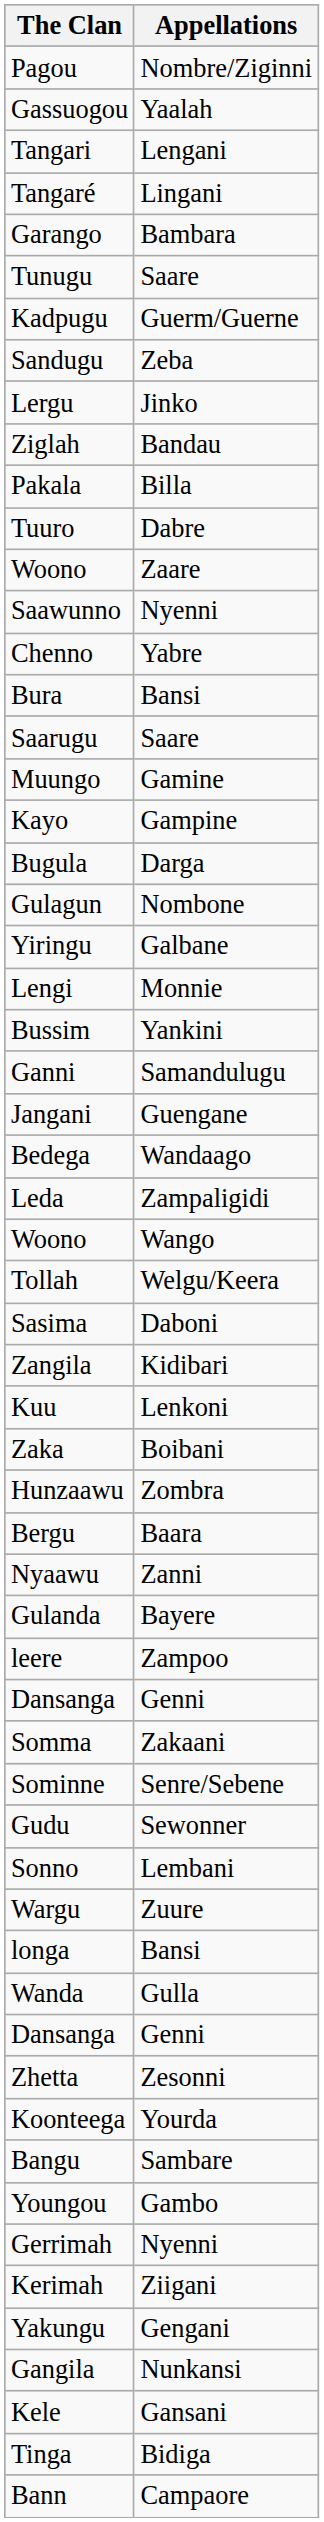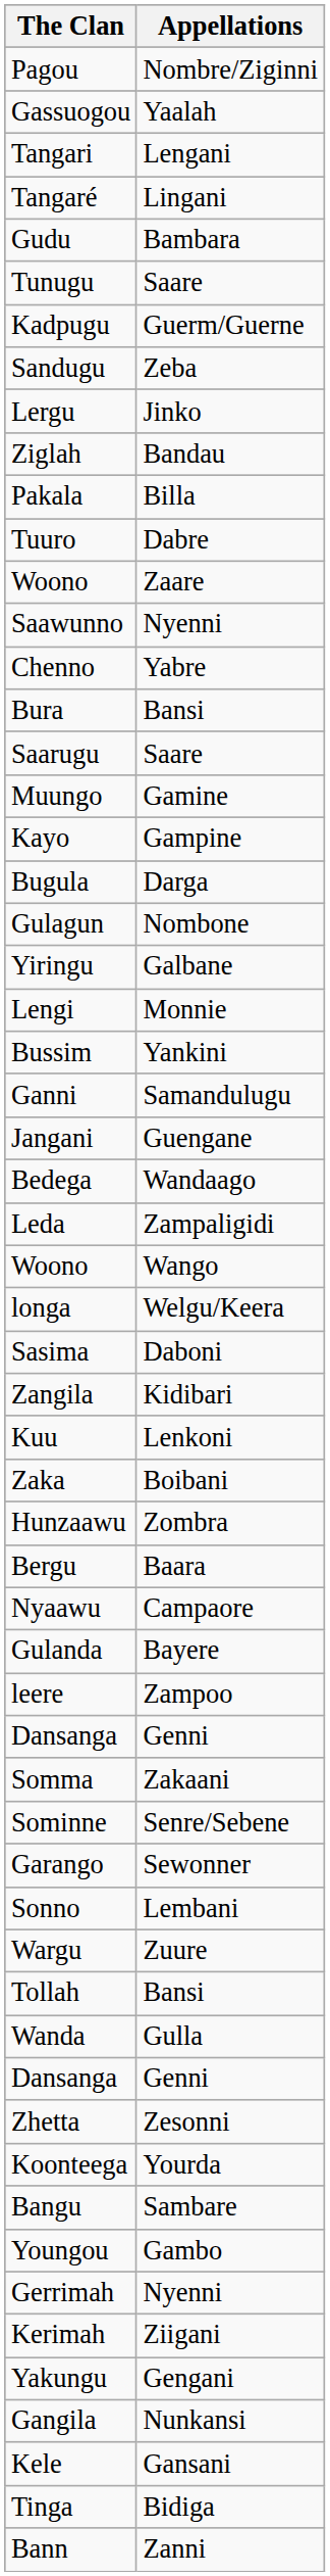 <table class="wikitable">
 <tr>
 <th>The Clan</th>
 <th>Appellations</th>
 </tr>
 <tr>
 <td>Pagou</td>
 <td>Nombre/Ziginni</td>
 </tr>
 <tr>
 <td>Gassuogou</td>
 <td>Yaalah</td>
 </tr>
 <tr>
 <td>Tangari</td>
 <td>Lengani</td>
 </tr>
 <tr>
 <td>Tangaré</td>
 <td>Lingani</td>
 </tr>
 <tr>
-<td>Garango</td>
+<td>Gudu</td>
 <td>Bambara</td>
 </tr>
 <tr>
 <td>Tunugu</td>
 <td>Saare</td>
 </tr>
 <tr>
 <td>Kadpugu</td>
 <td>Guerm/Guerne</td>
 </tr>
 <tr>
 <td>Sandugu</td>
 <td>Zeba</td>
 </tr>
 <tr>
 <td>Lergu</td>
 <td>Jinko</td>
 </tr>
 <tr>
 <td>Ziglah</td>
 <td>Bandau</td>
 </tr>
 <tr>
 <td>Pakala</td>
 <td>Billa</td>
 </tr>
 <tr>
 <td>Tuuro</td>
 <td>Dabre</td>
 </tr>
 <tr>
 <td>Woono</td>
 <td>Zaare</td>
 </tr>
 <tr>
 <td>Saawunno</td>
 <td>Nyenni</td>
 </tr>
 <tr>
 <td>Chenno</td>
 <td>Yabre</td>
 </tr>
 <tr>
 <td>Bura</td>
 <td>Bansi</td>
 </tr>
 <tr>
 <td>Saarugu</td>
 <td>Saare</td>
 </tr>
 <tr>
 <td>Muungo</td>
 <td>Gamine</td>
 </tr>
 <tr>
 <td>Kayo</td>
 <td>Gampine</td>
 </tr>
 <tr>
 <td>Bugula</td>
 <td>Darga</td>
 </tr>
 <tr>
 <td>Gulagun</td>
 <td>Nombone</td>
 </tr>
 <tr>
 <td>Yiringu</td>
 <td>Galbane</td>
 </tr>
 <tr>
 <td>Lengi</td>
 <td>Monnie</td>
 </tr>
 <tr>
 <td>Bussim</td>
 <td>Yankini</td>
 </tr>
 <tr>
 <td>Ganni</td>
 <td>Samandulugu</td>
 </tr>
 <tr>
 <td>Jangani</td>
 <td>Guengane</td>
 </tr>
 <tr>
 <td>Bedega</td>
 <td>Wandaago</td>
 </tr>
 <tr>
 <td>Leda</td>
 <td>Zampaligidi</td>
 </tr>
 <tr>
 <td>Woono</td>
 <td>Wango</td>
 </tr>
 <tr>
-<td>Tollah</td>
+<td>longa</td>
 <td>Welgu/Keera</td>
 </tr>
 <tr>
 <td>Sasima</td>
 <td>Daboni</td>
 </tr>
 <tr>
 <td>Zangila</td>
 <td>Kidibari</td>
 </tr>
 <tr>
 <td>Kuu</td>
 <td>Lenkoni</td>
 </tr>
 <tr>
 <td>Zaka</td>
 <td>Boibani</td>
 </tr>
 <tr>
 <td>Hunzaawu</td>
 <td>Zombra</td>
 </tr>
 <tr>
 <td>Bergu</td>
 <td>Baara</td>
 </tr>
 <tr>
 <td>Nyaawu</td>
-<td>Zanni</td>
+<td>Campaore</td>
 </tr>
 <tr>
 <td>Gulanda</td>
 <td>Bayere</td>
 </tr>
 <tr>
 <td>leere</td>
 <td>Zampoo</td>
 </tr>
 <tr>
 <td>Dansanga</td>
 <td>Genni</td>
 </tr>
 <tr>
 <td>Somma</td>
 <td>Zakaani</td>
 </tr>
 <tr>
 <td>Sominne</td>
 <td>Senre/Sebene</td>
 </tr>
 <tr>
-<td>Gudu</td>
+<td>Garango</td>
 <td>Sewonner</td>
 </tr>
 <tr>
 <td>Sonno</td>
 <td>Lembani</td>
 </tr>
 <tr>
 <td>Wargu</td>
 <td>Zuure</td>
 </tr>
 <tr>
-<td>longa</td>
+<td>Tollah</td>
 <td>Bansi</td>
 </tr>
 <tr>
 <td>Wanda</td>
 <td>Gulla</td>
 </tr>
 <tr>
 <td>Dansanga</td>
 <td>Genni</td>
 </tr>
 <tr>
 <td>Zhetta</td>
 <td>Zesonni</td>
 </tr>
 <tr>
 <td>Koonteega</td>
 <td>Yourda</td>
 </tr>
 <tr>
 <td>Bangu</td>
 <td>Sambare</td>
 </tr>
 <tr>
 <td>Youngou</td>
 <td>Gambo</td>
 </tr>
 <tr>
 <td>Gerrimah</td>
 <td>Nyenni</td>
 </tr>
 <tr>
 <td>Kerimah</td>
 <td>Ziigani</td>
 </tr>
 <tr>
 <td>Yakungu</td>
 <td>Gengani</td>
 </tr>
 <tr>
 <td>Gangila</td>
 <td>Nunkansi</td>
 </tr>
 <tr>
 <td>Kele</td>
 <td>Gansani</td>
 </tr>
 <tr>
 <td>Tinga</td>
 <td>Bidiga</td>
 </tr>
 <tr>
 <td>Bann</td>
-<td>Campaore</td>
+<td>Zanni</td>
 </tr>
 </table>
